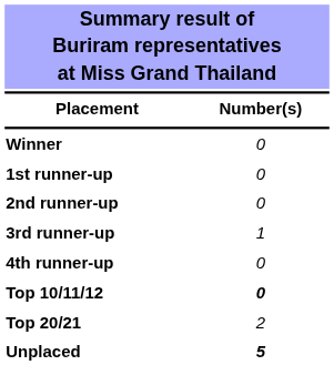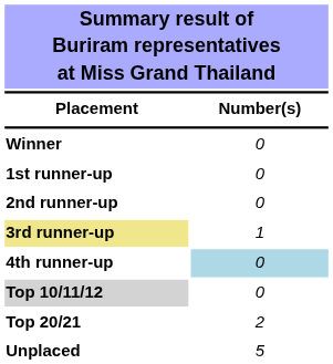 <table style="width: 270px; font-size:85%; line-height:1.5em;">
 <tr>
 <th colspan="2" align="center" style="background:#AAF;"><big>Summary result of<br>Buriram representatives<br>at Miss Grand Thailand</big></th>
 </tr>
 <tr>
 <td colspan="2" style="background:black"></td>
 </tr>
 <tr>
 <th scope="col">Placement</th>
 <th scope="col">Number(s)</th>
 </tr>
 <tr>
 <td colspan="2" style="background:black"></td>
 </tr>
 <tr>
 <td align="left"><strong>Winner</strong></td>
 <td align="center"><em>0</em></td>
 </tr>
 <tr>
 <td align="left"><strong>1st runner-up</strong></td>
 <td align="center"><em>0</em></td>
 </tr>
 <tr>
 <td align="left"><strong>2nd runner-up</strong></td>
 <td align="center"><em>0</em></td>
 </tr>
 <tr>
-<td align="left"><strong>3rd runner-up</strong></td>
+<td align="left" style="background: khaki;"><strong>3rd runner-up</strong></td>
 <td align="center"><em>1</em></td>
 </tr>
 <tr>
 <td align="left"><strong>4th runner-up</strong></td>
-<td align="center"><em>0</em></td>
+<td align="center" style="background: lightblue;"><em>0</em></td>
 </tr>
 <tr>
-<td align="left"><strong>Top 10/11/12</strong></td>
-<td align="center"><strong><em>0</em></strong></td>
+<td align="left" style="background: lightgrey;"><strong>Top 10/11/12</strong></td>
+<td align="center"><em>0</em></td>
 </tr>
 <tr>
 <td align="left"><strong>Top 20/21</strong></td>
 <td align="center"><em>2</em></td>
 </tr>
 <tr>
 <td align="left"><strong>Unplaced</strong></td>
-<td align="center"><strong><em>5</em></strong></td>
+<td align="center"><em>5</em></td>
 </tr>
 </table>
